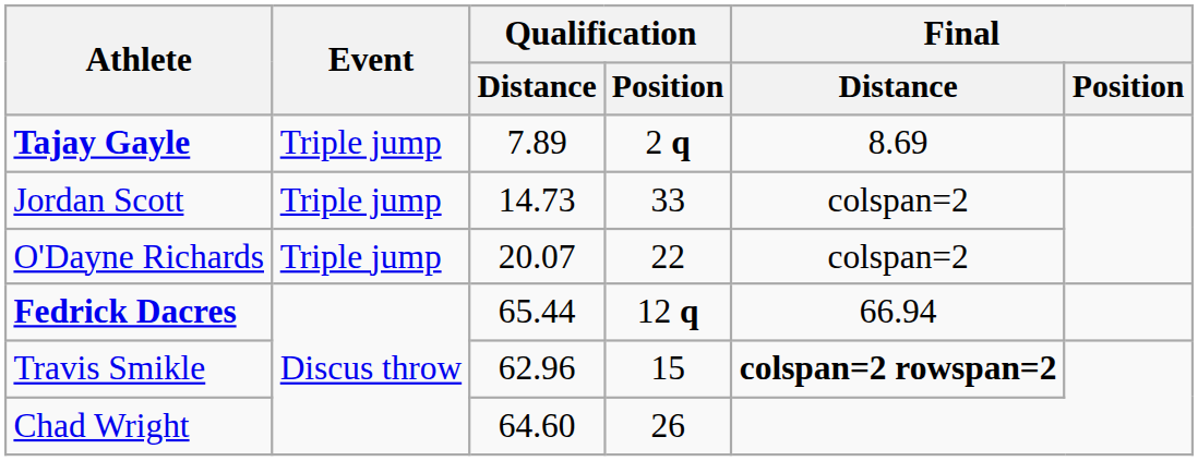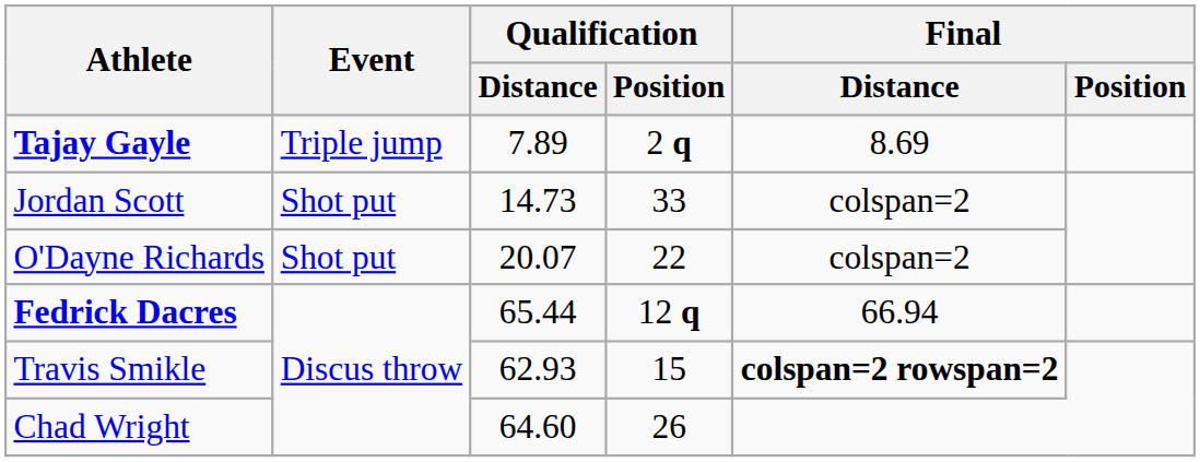 <table class=wikitable style="font-size:90%">
 <tr>
 <th rowspan="2">Athlete</th>
 <th rowspan="2">Event</th>
 <th colspan="2">Qualification</th>
 <th colspan="2">Final</th>
 </tr>
 <tr style="font-size:95%">
 <th>Distance</th>
 <th>Position</th>
 <th>Distance</th>
 <th>Position</th>
 </tr>
 <tr style=text-align:center>
 <td style=text-align:left><strong><a href='#'>Tajay Gayle</a></strong></td>
 <td style=text-align:left><a href='#'>Triple jump</a></td>
 <td>7.89</td>
 <td>2 <strong>q</strong></td>
 <td>8.69 <strong></strong></td>
 <td></td>
 </tr>
 <tr style=text-align:center>
 <td style=text-align:left><a href='#'>Jordan Scott</a></td>
-<td style=text-align:left><a href='#'>Triple jump</a></td>
+<td style=text-align:left><a href='#'>Shot put</a></td>
 <td>14.73</td>
 <td>33</td>
 <td>colspan=2</td>
 </tr>
 <tr style=text-align:center>
 <td style=text-align:left><a href='#'>O'Dayne Richards</a></td>
-<td style=text-align:left><a href='#'>Triple jump</a></td>
+<td style=text-align:left><a href='#'>Shot put</a></td>
 <td>20.07</td>
 <td>22</td>
 <td>colspan=2</td>
 </tr>
 <tr style=text-align:center>
 <td style=text-align:left><strong><a href='#'>Fedrick Dacres</a></strong></td>
 <td style=text-align:left rowspan=3><a href='#'>Discus throw</a></td>
 <td>65.44</td>
 <td>12 <strong>q</strong></td>
 <td>66.94</td>
 <td></td>
 </tr>
 <tr style=text-align:center>
 <td style=text-align:left><a href='#'>Travis Smikle</a></td>
-<td>62.96</td>
+<td>62.93</td>
 <td>15</td>
 <td><strong>colspan=2 rowspan=2 </strong></td>
 </tr>
 <tr style=text-align:center>
 <td style=text-align:left><a href='#'>Chad Wright</a></td>
 <td>64.60</td>
 <td>26</td>
 </tr>
 </table>
